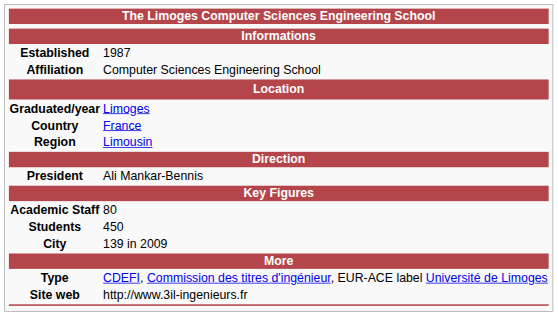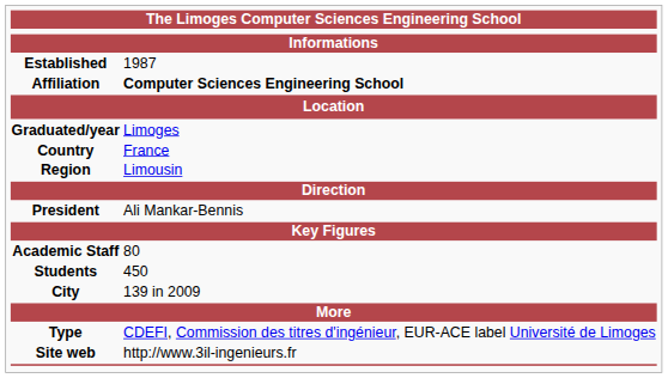 <table class="infobox" style="margin-bottom: 10px;">
 <tr>
 <td class="entete universite" colspan="2" id="5" style="text-align:center;background-color:#B4464B;color:#FFFFFF"><strong>The Limoges Computer Sciences Engineering School</strong></td>
 </tr>
 <tr>
 <td></td>
 <td></td>
 </tr>
 <tr id="11">
 <th colspan="2" id="12" scope="col" style="text-align:center;background-color:#B4464B;color:#FFFFFF">Informations</th>
 </tr>
 <tr id="14">
 <th id="15" scope="row">Established</th>
 <td id="17">1987</td>
 </tr>
 <tr id="20">
 <th id="78" scope="row">Affiliation</th>
-<td id="23">Computer Sciences Engineering School<br></td>
+<td id="23"><strong>Computer Sciences Engineering School<br></strong></td>
 </tr>
 <tr id="26">
 <th colspan="2" id="27" style="padding:4px;text-align:center;background-color:#B4464B;color:#FFFFFF">Location</th>
 </tr>
 <tr id="29">
 <th id="70" scope="row">Graduated/year</th>
 <td id="32"><a href='#'>Limoges</a></td>
 </tr>
 <tr id="35">
 <th id="36" scope="row">Country</th>
 <td id="38"><span><a href='#'>France</a></span></td>
 </tr>
 <tr id="42">
 <th id="43" scope="row">Region</th>
 <td id="45"><a href='#'>Limousin</a></td>
 </tr>
 <tr id="48">
 <th colspan="2" id="49" scope="col" style="text-align:center;background-color:#B4464B;color:#FFFFFF">Direction</th>
 </tr>
 <tr id="51">
 <th id="52" scope="row">President</th>
 <td id="54">Ali Mankar-Bennis</td>
 </tr>
 <tr id="56">
 <th colspan="2" id="57" scope="col" style="text-align:center;background-color:#B4464B;color:#FFFFFF">Key Figures</th>
 </tr>
 <tr id="59">
 <th id="60" scope="row">Academic Staff</th>
 <td id="62">80</td>
 </tr>
 <tr id="64">
 <th id="65" scope="row">Students</th>
 <td id="67">450</td>
 </tr>
 <tr id="69">
 <th id="30" scope="row">City</th>
 <td id="72">139 in 2009</td>
 </tr>
 <tr id="74">
 <th colspan="2" id="75" scope="col" style="text-align:center;background-color:#B4464B;color:#FFFFFF">More</th>
 </tr>
 <tr id="77">
 <th id="21" scope="row">Type</th>
 <td id="80"><a href='#'>CDEFI</a>, <a href='#'>Commission des titres d'ingénieur</a>, EUR-ACE label <a href='#'>Université de Limoges</a></td>
 </tr>
 <tr id="86">
 <th id="87" scope="row">Site web</th>
 <td id="89">http://www.3il-ingenieurs.fr</td>
 </tr>
 <tr id="92">
 <td colspan="2" class="navigation-only" id="93" style="border-top: 2px #B4464B solid; font-size: 80%; background:inherit; text-align: right;"></td>
 </tr>
 </table>
